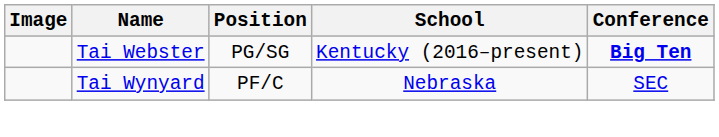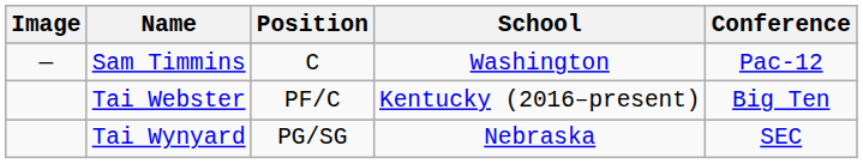 <table class="wikitable" style="text-align: center">
 <tr>
 <th>Image</th>
 <th>Name</th>
 <th>Position</th>
 <th>School</th>
 <th>Conference</th>
 </tr>
 <tr>
+<td>—</td>
+<td><a href='#'>Sam Timmins</a></td>
+<td>C</td>
+<td><a href='#'>Washington</a></td>
+<td><a href='#'>Pac-12</a></td>
+</tr>
+<tr>
 <td></td>
 <td><a href='#'>Tai Webster</a></td>
-<td>PG/SG</td>
+<td>PF/C</td>
 <td><a href='#'>Kentucky</a> (2016–present)</td>
-<td><strong><a href='#'>Big Ten</a></strong></td>
+<td><a href='#'>Big Ten</a></td>
 </tr>
 <tr>
 <td></td>
 <td><a href='#'>Tai Wynyard</a></td>
-<td>PF/C</td>
+<td>PG/SG</td>
 <td><a href='#'>Nebraska</a></td>
 <td><a href='#'>SEC</a></td>
 </tr>
 </table>
